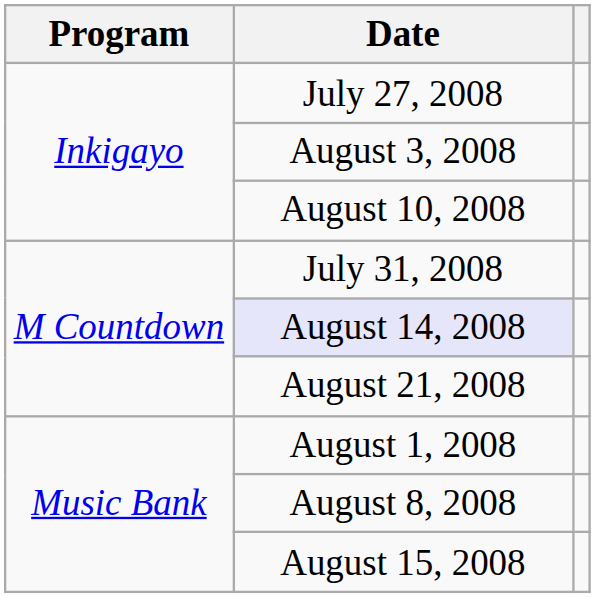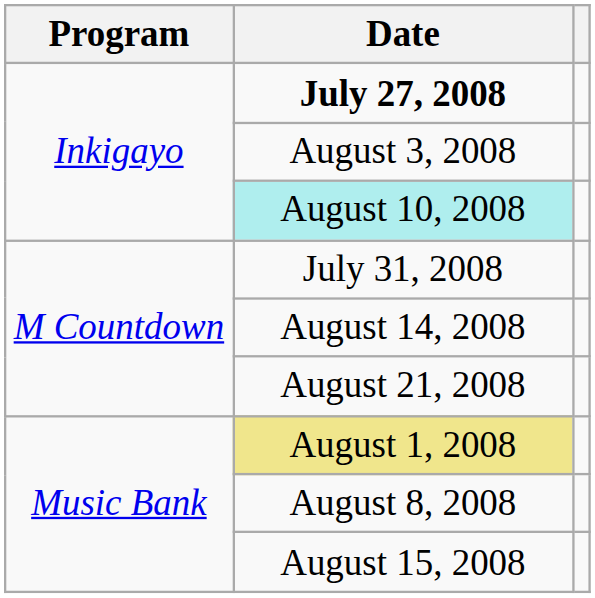 <table class="wikitable" style="text-align:center">
 <tr>
 <th>Program</th>
 <th width="140">Date</th>
 <th></th>
 </tr>
 <tr>
 <td rowspan="3"><em><a href='#'>Inkigayo</a></em></td>
-<td>July 27, 2008</td>
+<td><strong>July 27, 2008</strong></td>
 <td></td>
 </tr>
 <tr>
 <td>August 3, 2008</td>
 <td></td>
 </tr>
 <tr>
-<td>August 10, 2008</td>
+<td style="background: paleturquoise;">August 10, 2008</td>
 <td></td>
 </tr>
 <tr>
 <td rowspan="3"><em><a href='#'>M Countdown</a></em></td>
 <td>July 31, 2008</td>
 <td></td>
 </tr>
 <tr>
-<td style="background: lavender;">August 14, 2008</td>
+<td>August 14, 2008</td>
 <td></td>
 </tr>
 <tr>
 <td>August 21, 2008</td>
 <td></td>
 </tr>
 <tr>
 <td rowspan="3"><a href='#'><em>Music Bank</em></a></td>
-<td>August 1, 2008</td>
+<td style="background: khaki;">August 1, 2008</td>
 <td></td>
 </tr>
 <tr>
 <td>August 8, 2008</td>
 <td></td>
 </tr>
 <tr>
 <td>August 15, 2008</td>
 <td></td>
 </tr>
 </table>
